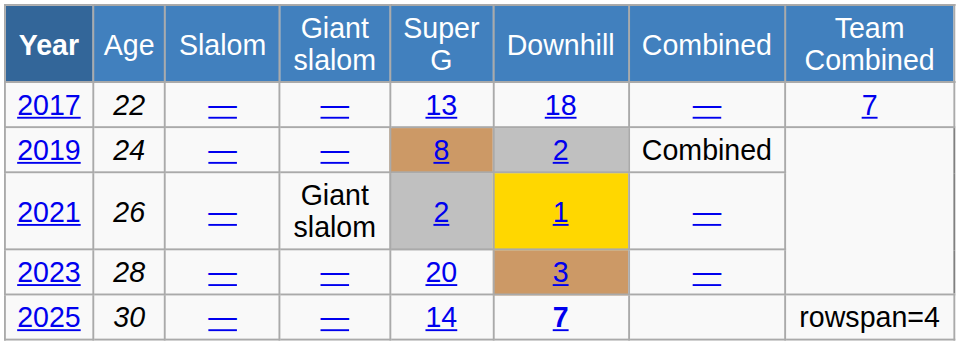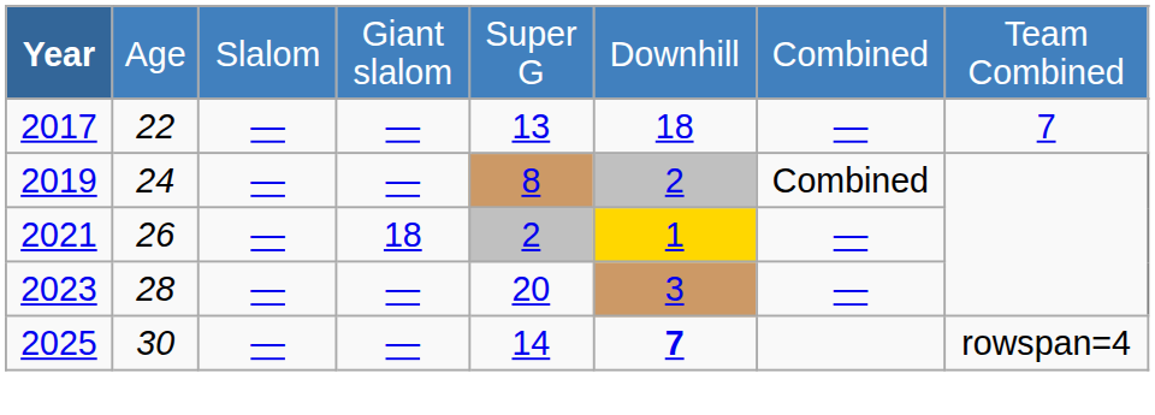 <table class="wikitable" style="font-size:95%; text-align:center; border:grey solid 1px; border-collapse:collapse;" width="40%">
 <tr style="background-color:#369; color:white;">
 <td rowspan="2" colspan="1" width="4%"><strong>Year</strong></td>
 </tr>
 <tr style="background-color:#4180be; color:white;">
 <td width="3%">Age</td>
 <td width="5%">Slalom</td>
 <td width="5%">Giant<br>slalom</td>
 <td width="5%">Super G</td>
 <td width="5%">Downhill</td>
 <td width="5%">Combined</td>
 <td width="5%">Team<br>Combined</td>
 </tr>
 <tr style="background-color:#8CB2D8; color:white;">
 </tr>
 <tr>
 <td><a href='#'>2017</a></td>
 <td><em>22</em></td>
 <td><a href='#'>—</a></td>
 <td><a href='#'>—</a></td>
 <td><a href='#'>13</a></td>
 <td><a href='#'>18</a></td>
 <td><a href='#'>—</a></td>
 <td><a href='#'>7</a></td>
 </tr>
 <tr>
 <td><a href='#'>2019</a></td>
 <td><em>24</em></td>
 <td><a href='#'>—</a></td>
 <td><a href='#'>—</a></td>
 <td style="background:#c96;"><a href='#'>8</a></td>
 <td style="background:silver;"><a href='#'>2</a></td>
 <td width="5%">Combined</td>
 </tr>
 <tr>
 <td><a href='#'>2021</a></td>
 <td><em>26</em></td>
 <td><a href='#'>—</a></td>
-<td width="5%">Giant<br>slalom</td>
+<td><a href='#'>18</a></td>
 <td style="background:silver;"><a href='#'>2</a></td>
 <td style="background:gold;"><a href='#'>1</a></td>
 <td><a href='#'>—</a></td>
 </tr>
 <tr>
 <td><a href='#'>2023</a></td>
 <td><em>28</em></td>
 <td><a href='#'>—</a></td>
 <td><a href='#'>—</a></td>
 <td><a href='#'>20</a></td>
 <td style="background:#c96;"><a href='#'>3</a></td>
 <td><a href='#'>—</a></td>
 </tr>
 <tr>
 <td><a href='#'>2025</a></td>
 <td><em>30</em></td>
 <td><a href='#'>—</a></td>
 <td><a href='#'>—</a></td>
 <td><a href='#'>14</a></td>
 <td><strong><a href='#'>7</a></strong></td>
 <td></td>
 <td>rowspan=4</td>
 </tr>
 </table>
